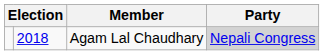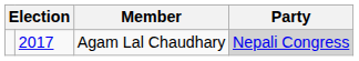 <table class="wikitable">
 <tr>
 <th colspan="2">Election</th>
 <th>Member</th>
 <th>Party</th>
 </tr>
 <tr>
 <td style="background-color:"></td>
-<td><a href='#'>2018</a></td>
+<td><a href='#'>2017</a></td>
 <td>Agam Lal Chaudhary</td>
 <td style="background: lightgrey;"><a href='#'>Nepali Congress</a></td>
 </tr>
 </table>
